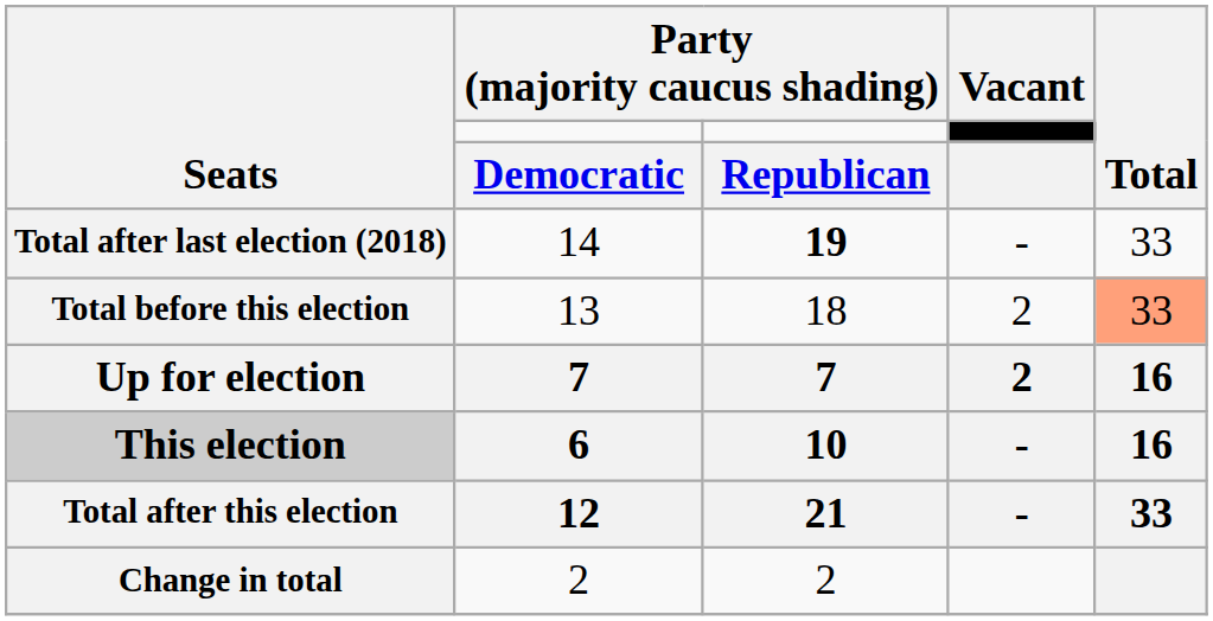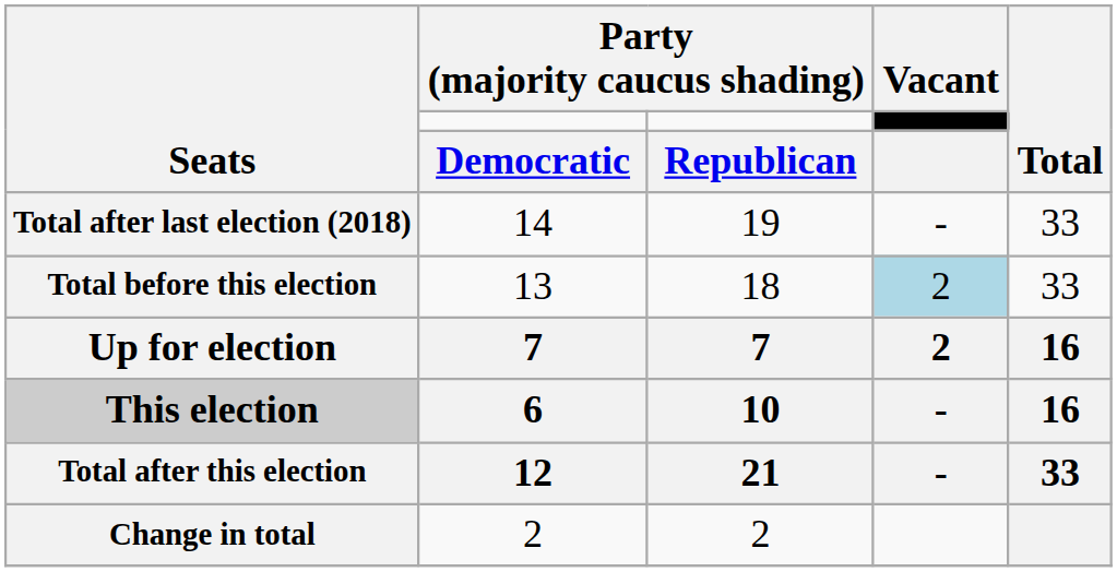 <table class=wikitable style="text-align:center">
 <tr style="vertical-align:bottom;">
 <th rowspan=3>Seats</th>
 <th colspan=2>Party <div>(majority caucus shading)</div></th>
 <th>Vacant</th>
 <th rowspan=3>Total</th>
 </tr>
 <tr style="height:5px">
 <td style="background-color:"></td>
 <td style="background-color:"></td>
 <td style="background: black"></td>
 </tr>
 <tr>
 <th><a href='#'>Democratic</a></th>
 <th><a href='#'>Republican</a></th>
 <th></th>
 </tr>
 <tr>
 <th nowrap style="font-size:80%">Total after last election (2018)</th>
 <td>14</td>
-<td><strong>19</strong></td>
+<td>19</td>
 <td>-</td>
 <td>33</td>
 </tr>
 <tr>
 <th nowrap style="font-size:80%">Total before this election</th>
 <td>13</td>
 <td>18</td>
-<td>2</td>
-<td style="background: lightsalmon;">33</td>
+<td style="background: lightblue;">2</td>
+<td>33</td>
 </tr>
 <tr>
 <th>Up for election</th>
 <th>7</th>
 <th>7</th>
 <th>2</th>
 <th>16</th>
 </tr>
 <tr>
 <th style="background:#ccc">This election</th>
 <th>6</th>
 <th>10</th>
 <th>-</th>
 <th>16</th>
 </tr>
 <tr>
 <th nowrap style="font-size:80%">Total after this election</th>
 <th>12</th>
 <th>21</th>
 <th>-</th>
 <th>33</th>
 </tr>
 <tr>
 <th nowrap style="font-size:80%">Change in total</th>
 <td> 2</td>
 <td> 2</td>
 <td></td>
 <th></th>
 </tr>
 <tr>
 </tr>
 </table>
